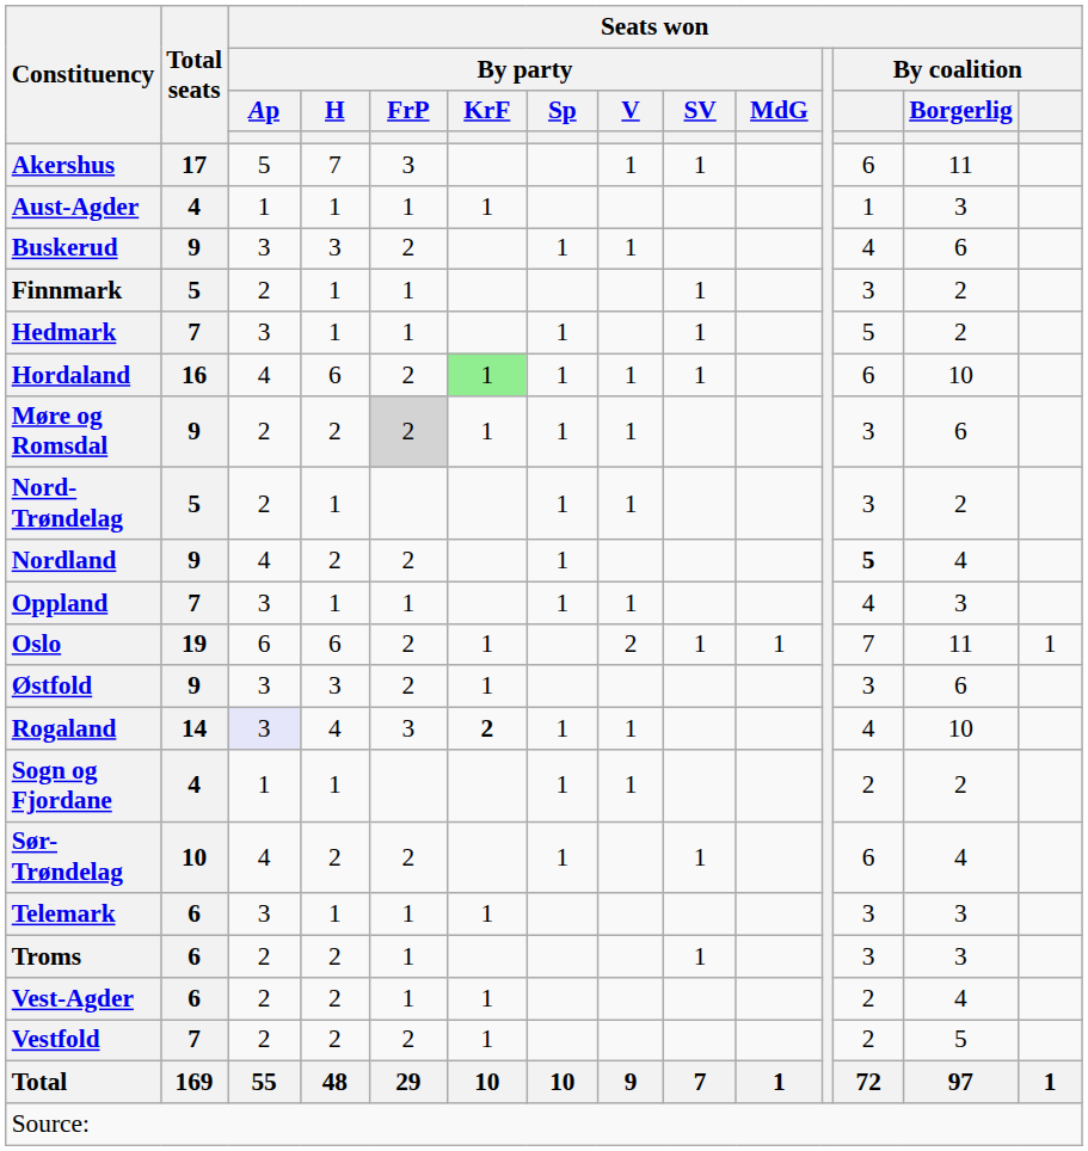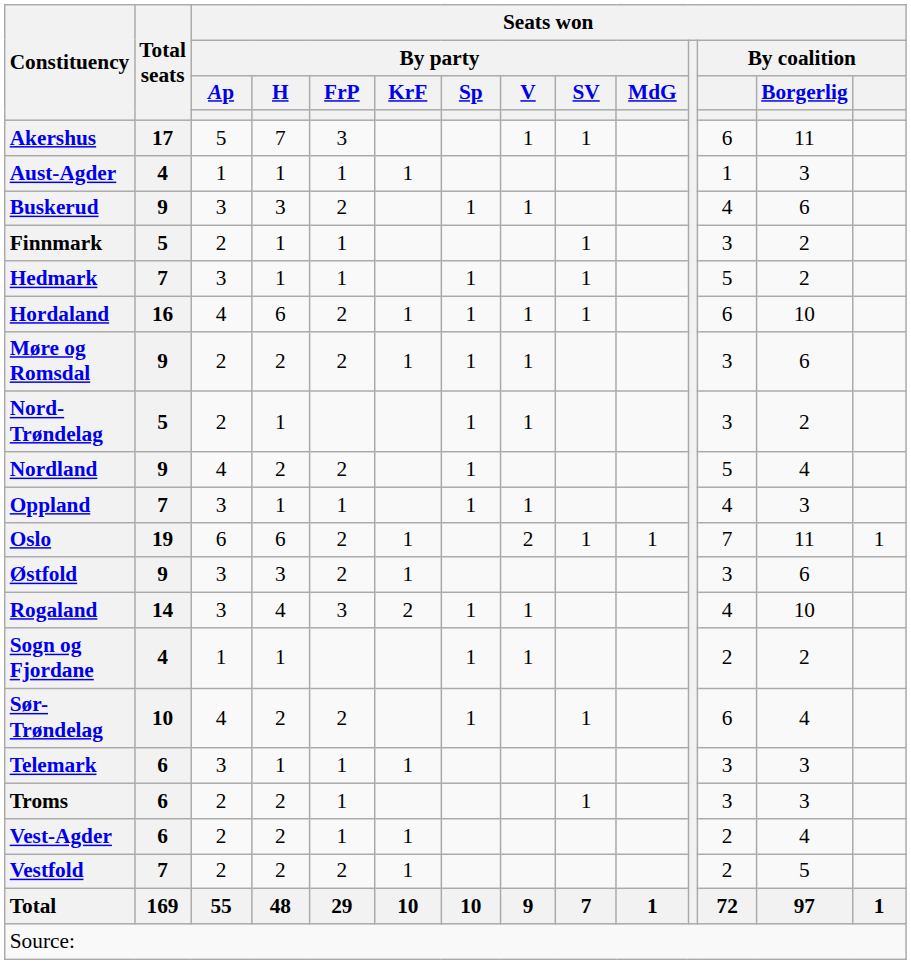 <table class="wikitable" style="text-align:center; font-size: 0.9em;">
 <tr>
 <th rowspan="4">Constituency</th>
 <th rowspan="4">Total<br>seats</th>
 <th colspan="12">Seats won</th>
 </tr>
 <tr>
 <th colspan="8">By party</th>
 <th rowspan="23"></th>
 <th colspan="3">By coalition</th>
 </tr>
 <tr>
 <th class="unsortable" style="width:50px;"><a href='#'><em>A</em>p</a></th>
 <th class="unsortable" style="width:50px;"><a href='#'>H</a></th>
 <th class="unsortable" style="width:50px;"><a href='#'>FrP</a></th>
 <th class="unsortable" style="width:50px;"><a href='#'>KrF</a></th>
 <th class="unsortable" style="width:50px;"><a href='#'>Sp</a></th>
 <th class="unsortable" style="width:50px;"><a href='#'>V</a></th>
 <th class="unsortable" style="width:50px;"><a href='#'>SV</a></th>
 <th class="unsortable" style="width:50px;"><a href='#'>MdG</a></th>
 <th class="unsortable" style="width:50px;"></th>
 <th class="unsortable" style="width:50px;"><a href='#'>Borgerlig</a></th>
 <th class="unsortable" style="width:50px;"></th>
 </tr>
 <tr>
 <th style="background:"></th>
 <th style="background:"></th>
 <th style="background:"></th>
 <th style="background:"></th>
 <th style="background:"></th>
 <th style="background:"></th>
 <th style="background:"></th>
 <th style="background:"></th>
 <th style="background:"></th>
 <th style="background:"></th>
 <th></th>
 </tr>
 <tr>
 <th style="text-align: left;"><a href='#'>Akershus</a></th>
 <th>17</th>
 <td>5</td>
 <td>7</td>
 <td>3</td>
 <td></td>
 <td></td>
 <td>1</td>
 <td>1</td>
 <td></td>
 <td>6</td>
 <td>11</td>
 <td></td>
 </tr>
 <tr>
 <th style="text-align: left;"><a href='#'>Aust-Agder</a></th>
 <th>4</th>
 <td>1</td>
 <td>1</td>
 <td>1</td>
 <td>1</td>
 <td></td>
 <td></td>
 <td></td>
 <td></td>
 <td>1</td>
 <td>3</td>
 <td></td>
 </tr>
 <tr>
 <th style="text-align: left;"><a href='#'>Buskerud</a></th>
 <th>9</th>
 <td>3</td>
 <td>3</td>
 <td>2</td>
 <td></td>
 <td>1</td>
 <td>1</td>
 <td></td>
 <td></td>
 <td>4</td>
 <td>6</td>
 <td></td>
 </tr>
 <tr>
 <th style="text-align: left;">Finnmark</th>
 <th>5</th>
 <td>2</td>
 <td>1</td>
 <td>1</td>
 <td></td>
 <td></td>
 <td></td>
 <td>1</td>
 <td></td>
 <td>3</td>
 <td>2</td>
 <td></td>
 </tr>
 <tr>
 <th style="text-align: left;"><a href='#'>Hedmark</a></th>
 <th>7</th>
 <td>3</td>
 <td>1</td>
 <td>1</td>
 <td></td>
 <td>1</td>
 <td></td>
 <td>1</td>
 <td></td>
 <td>5</td>
 <td>2</td>
 <td></td>
 </tr>
 <tr>
 <th style="text-align: left;"><a href='#'>Hordaland</a></th>
 <th>16</th>
 <td>4</td>
 <td>6</td>
 <td>2</td>
-<td style="background: lightgreen;">1</td>
+<td>1</td>
 <td>1</td>
 <td>1</td>
 <td>1</td>
 <td></td>
 <td>6</td>
 <td>10</td>
 <td></td>
 </tr>
 <tr>
 <th style="text-align: left;"><a href='#'>Møre og Romsdal</a></th>
 <th>9</th>
 <td>2</td>
 <td>2</td>
-<td style="background: lightgrey;">2</td>
+<td>2</td>
 <td>1</td>
 <td>1</td>
 <td>1</td>
 <td></td>
 <td></td>
 <td>3</td>
 <td>6</td>
 <td></td>
 </tr>
 <tr>
 <th style="text-align: left;"><a href='#'>Nord-Trøndelag</a></th>
 <th>5</th>
 <td>2</td>
 <td>1</td>
 <td></td>
 <td></td>
 <td>1</td>
 <td>1</td>
 <td></td>
 <td></td>
 <td>3</td>
 <td>2</td>
 <td></td>
 </tr>
 <tr>
 <th style="text-align: left;"><a href='#'>Nordland</a></th>
 <th>9</th>
 <td>4</td>
 <td>2</td>
 <td>2</td>
 <td></td>
 <td>1</td>
 <td></td>
 <td></td>
 <td></td>
-<td><strong>5</strong></td>
+<td>5</td>
 <td>4</td>
 <td></td>
 </tr>
 <tr>
 <th style="text-align: left;"><a href='#'>Oppland</a></th>
 <th>7</th>
 <td>3</td>
 <td>1</td>
 <td>1</td>
 <td></td>
 <td>1</td>
 <td>1</td>
 <td></td>
 <td></td>
 <td>4</td>
 <td>3</td>
 <td></td>
 </tr>
 <tr>
 <th style="text-align: left;"><a href='#'>Oslo</a></th>
 <th>19</th>
 <td>6</td>
 <td>6</td>
 <td>2</td>
 <td>1</td>
 <td></td>
 <td>2</td>
 <td>1</td>
 <td>1</td>
 <td>7</td>
 <td>11</td>
 <td>1</td>
 </tr>
 <tr>
 <th style="text-align: left;"><a href='#'>Østfold</a></th>
 <th>9</th>
 <td>3</td>
 <td>3</td>
 <td>2</td>
 <td>1</td>
 <td></td>
 <td></td>
 <td></td>
 <td></td>
 <td>3</td>
 <td>6</td>
 <td></td>
 </tr>
 <tr>
 <th style="text-align: left;"><a href='#'>Rogaland</a></th>
 <th>14</th>
-<td style="background: lavender;">3</td>
+<td>3</td>
 <td>4</td>
 <td>3</td>
-<td><strong>2</strong></td>
+<td>2</td>
 <td>1</td>
 <td>1</td>
 <td></td>
 <td></td>
 <td>4</td>
 <td>10</td>
 <td></td>
 </tr>
 <tr>
 <th style="text-align: left;"><a href='#'>Sogn og Fjordane</a></th>
 <th>4</th>
 <td>1</td>
 <td>1</td>
 <td></td>
 <td></td>
 <td>1</td>
 <td>1</td>
 <td></td>
 <td></td>
 <td>2</td>
 <td>2</td>
 <td></td>
 </tr>
 <tr>
 <th style="text-align: left;"><a href='#'>Sør-Trøndelag</a></th>
 <th>10</th>
 <td>4</td>
 <td>2</td>
 <td>2</td>
 <td></td>
 <td>1</td>
 <td></td>
 <td>1</td>
 <td></td>
 <td>6</td>
 <td>4</td>
 <td></td>
 </tr>
 <tr>
 <th style="text-align: left;"><a href='#'>Telemark</a></th>
 <th>6</th>
 <td>3</td>
 <td>1</td>
 <td>1</td>
 <td>1</td>
 <td></td>
 <td></td>
 <td></td>
 <td></td>
 <td>3</td>
 <td>3</td>
 <td></td>
 </tr>
 <tr>
 <th style="text-align: left;">Troms</th>
 <th>6</th>
 <td>2</td>
 <td>2</td>
 <td>1</td>
 <td></td>
 <td></td>
 <td></td>
 <td>1</td>
 <td></td>
 <td>3</td>
 <td>3</td>
 <td></td>
 </tr>
 <tr>
 <th style="text-align: left;"><a href='#'>Vest-Agder</a></th>
 <th>6</th>
 <td>2</td>
 <td>2</td>
 <td>1</td>
 <td>1</td>
 <td></td>
 <td></td>
 <td></td>
 <td></td>
 <td>2</td>
 <td>4</td>
 <td></td>
 </tr>
 <tr>
 <th style="text-align: left;"><a href='#'>Vestfold</a></th>
 <th>7</th>
 <td>2</td>
 <td>2</td>
 <td>2</td>
 <td>1</td>
 <td></td>
 <td></td>
 <td></td>
 <td></td>
 <td>2</td>
 <td>5</td>
 <td></td>
 </tr>
 <tr>
 <th style="text-align: left;">Total</th>
 <th>169</th>
 <th>55</th>
 <th>48</th>
 <th>29</th>
 <th>10</th>
 <th>10</th>
 <th>9</th>
 <th>7</th>
 <th>1</th>
 <th>72</th>
 <th>97</th>
 <th>1</th>
 </tr>
 <tr>
 <td colspan="14" align="left">Source: </td>
 </tr>
 </table>
